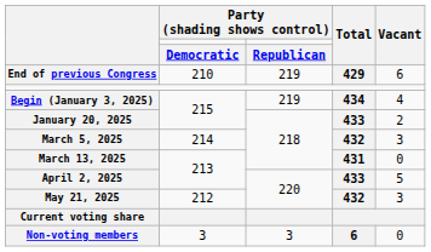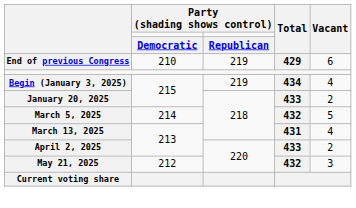 <table class="wikitable" style="text-align:center">
 <tr>
 <th rowspan=3 scope="col"> </th>
 <th colspan=2 scope="col">Party<div>(shading shows control)</div></th>
 <th rowspan=3 scope="col">Total</th>
 <th rowspan=3 scope="col">Vacant</th>
 </tr>
 <tr style="height:5px">
 <td style="background-color:"></td>
 <td style="background-color:"></td>
 </tr>
 <tr>
 <th scope="col"><a href='#'>Democratic</a></th>
 <th scope="col"><a href='#'>Republican</a></th>
 </tr>
 <tr>
 <th scope="row" style="font-size:85%">End of <a href='#'>previous Congress</a></th>
 <td>210</td>
 <td>219</td>
 <th>429</th>
 <td>6</td>
 </tr>
 <tr>
 <td colspan=5></td>
 </tr>
 <tr>
 <th scope="row" style="font-size:85%"><a href='#'>Begin</a> (January 3, 2025)</th>
 <td rowspan=2 style="text-align:center">215</td>
 <td>219</td>
 <th>434</th>
 <td>4</td>
 </tr>
 <tr>
 <th scope="row" style="font-size:85%">January 20, 2025</th>
 <td rowspan=3 style="text-align:center" >218</td>
 <th>433</th>
 <td>2</td>
 </tr>
 <tr>
 <th scope="row" style="font-size:85%">March 5, 2025</th>
 <td>214</td>
 <th>432</th>
-<td>3</td>
+<td>5</td>
 </tr>
 <tr>
 <th scope="row" style="font-size:85%">March 13, 2025</th>
 <td rowspan=2>213</td>
 <th>431</th>
-<td>0</td>
+<td>4</td>
 </tr>
 <tr>
 <th scope="row" style="font-size:85%">April 2, 2025</th>
 <td rowspan=2 style="text-align:center" >220</td>
 <th>433</th>
-<td>5</td>
+<td>2</td>
 </tr>
 <tr>
 <th scope="row" style="font-size:85%">May 21, 2025</th>
 <td>212</td>
 <th>432</th>
 <td>3</td>
 </tr>
 <tr>
 <th scope="row" style="font-size:85%">Current voting share</th>
 <th></th>
 <th></th>
 <th colspan=2></th>
 </tr>
-<tr>
-<th style="font-size:85%"><a href='#'>Non-voting members</a></th>
-<td>3</td>
-<td>3</td>
-<th>6</th>
-<td>0</td>
-</tr>
 </table>
